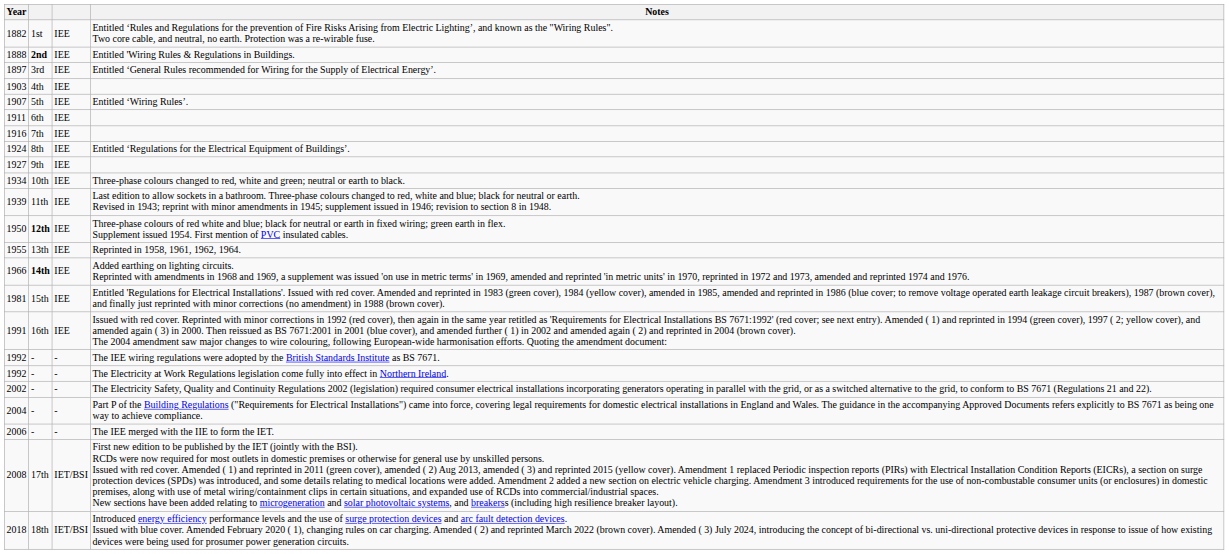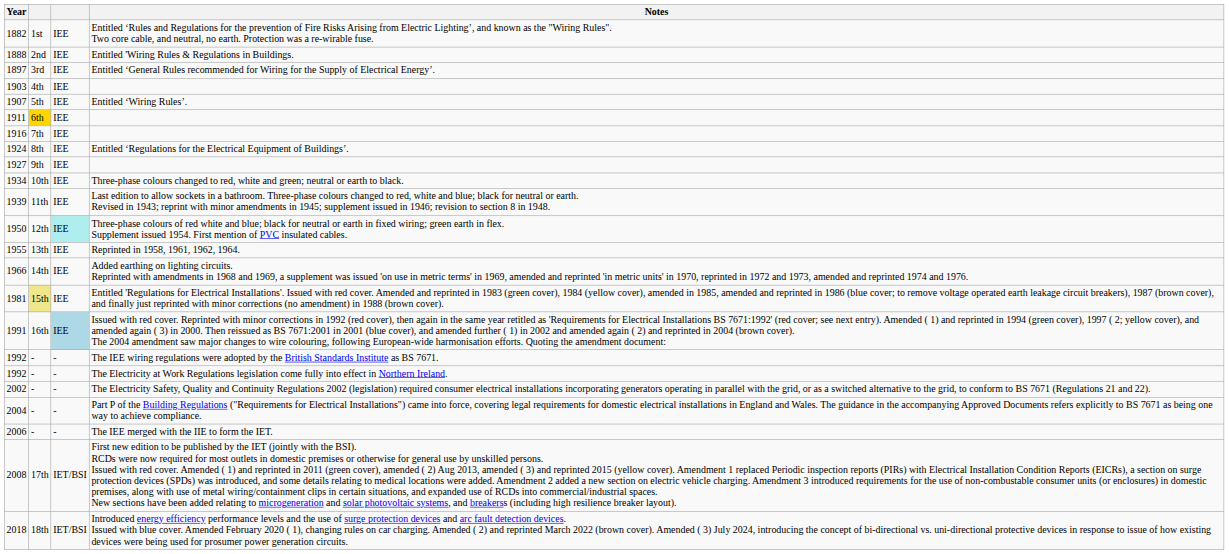 <table class="wikitable">
 <tr>
 <th>Year</th>
 <th></th>
 <th></th>
 <th>Notes</th>
 </tr>
 <tr>
 <td>1882</td>
 <td>1st</td>
 <td>IEE</td>
 <td>Entitled ‘Rules and Regulations for the prevention of Fire Risks Arising from Electric Lighting’, and known as the "Wiring Rules".<br>Two core cable,  and neutral, no earth. Protection was a re-wirable fuse.</td>
 </tr>
 <tr>
 <td>1888</td>
-<td><strong>2nd</strong></td>
+<td>2nd</td>
 <td>IEE</td>
 <td>Entitled 'Wiring Rules & Regulations in Buildings.</td>
 </tr>
 <tr>
 <td>1897</td>
 <td>3rd</td>
 <td>IEE</td>
 <td>Entitled ‘General Rules recommended for Wiring for the Supply of Electrical Energy’.</td>
 </tr>
 <tr>
 <td>1903</td>
 <td>4th</td>
 <td>IEE</td>
 <td></td>
 </tr>
 <tr>
 <td>1907</td>
 <td>5th</td>
 <td>IEE</td>
 <td>Entitled ‘Wiring Rules’.</td>
 </tr>
 <tr>
 <td>1911</td>
-<td>6th</td>
+<td style="background: gold;">6th</td>
 <td>IEE</td>
 <td></td>
 </tr>
 <tr>
 <td>1916</td>
 <td>7th</td>
 <td>IEE</td>
 <td></td>
 </tr>
 <tr>
 <td>1924</td>
 <td>8th</td>
 <td>IEE</td>
 <td>Entitled ‘Regulations for the Electrical Equipment of Buildings’.</td>
 </tr>
 <tr>
 <td>1927</td>
 <td>9th</td>
 <td>IEE</td>
 <td></td>
 </tr>
 <tr>
 <td>1934</td>
 <td>10th</td>
 <td>IEE</td>
 <td>Three-phase colours changed to red, white and green; neutral or earth to black.</td>
 </tr>
 <tr>
 <td>1939</td>
 <td>11th</td>
 <td>IEE</td>
 <td>Last edition to allow sockets in a bathroom. Three-phase colours changed to red, white and blue; black for neutral or earth.<br>Revised in 1943; reprint with minor amendments in 1945; supplement issued in 1946; revision to section 8 in 1948.</td>
 </tr>
 <tr>
 <td>1950</td>
-<td><strong>12th</strong></td>
-<td>IEE</td>
+<td>12th</td>
+<td style="background: paleturquoise;">IEE</td>
 <td>Three-phase colours of red white and blue; black for neutral or earth in fixed wiring; green earth in flex.<br>Supplement issued 1954. First mention of <a href='#'>PVC</a> insulated cables.</td>
 </tr>
 <tr>
 <td>1955</td>
 <td>13th</td>
 <td>IEE</td>
 <td>Reprinted in 1958, 1961, 1962, 1964.</td>
 </tr>
 <tr>
 <td>1966</td>
-<td><strong>14th</strong></td>
+<td>14th</td>
 <td>IEE</td>
 <td>Added earthing on lighting circuits.<br>Reprinted with amendments in 1968 and 1969, a supplement was issued 'on use in metric terms' in 1969, amended and reprinted 'in metric units' in 1970, reprinted in 1972 and 1973, amended and reprinted 1974 and 1976.</td>
 </tr>
 <tr>
 <td>1981</td>
-<td>15th</td>
+<td style="background: khaki;">15th</td>
 <td>IEE</td>
 <td>Entitled 'Regulations for Electrical Installations'. Issued with red cover. Amended and reprinted in 1983 (green cover), 1984 (yellow cover), amended in 1985, amended and reprinted in 1986 (blue cover; to remove voltage operated earth leakage circuit breakers), 1987 (brown cover), and finally just reprinted with minor corrections (no amendment) in 1988 (brown cover).</td>
 </tr>
 <tr>
 <td>1991</td>
 <td>16th</td>
-<td>IEE</td>
+<td style="background: lightblue;">IEE</td>
 <td>Issued with red cover. Reprinted with minor corrections in 1992 (red cover), then again in the same year retitled as 'Requirements for Electrical Installations BS 7671:1992' (red cover; see next entry). Amended ( 1) and reprinted in 1994 (green cover), 1997 ( 2; yellow cover), and amended again ( 3) in 2000. Then reissued as BS 7671:2001 in 2001 (blue cover), and amended further ( 1) in 2002 and amended again ( 2) and reprinted in 2004 (brown cover).<br>The 2004 amendment saw major changes to wire colouring, following European-wide harmonisation efforts. Quoting the amendment document: </td>
 </tr>
 <tr>
 <td>1992</td>
 <td>-</td>
 <td>-</td>
 <td>The IEE wiring regulations were adopted by the <a href='#'>British Standards Institute</a> as BS 7671.</td>
 </tr>
 <tr>
 <td>1992</td>
 <td>-</td>
 <td>-</td>
 <td>The Electricity at Work Regulations legislation come fully into effect in <a href='#'>Northern Ireland</a>.</td>
 </tr>
 <tr>
 <td>2002</td>
 <td>-</td>
 <td>-</td>
 <td>The Electricity Safety, Quality and Continuity Regulations 2002 (legislation) required consumer electrical installations incorporating generators operating in parallel with the grid, or as a switched alternative to the grid, to conform to BS 7671 (Regulations 21 and 22).</td>
 </tr>
 <tr>
 <td>2004</td>
 <td>-</td>
 <td>-</td>
 <td>Part P of the <a href='#'>Building Regulations</a> ("Requirements for Electrical Installations") came into force, covering legal requirements for domestic electrical installations in England and Wales. The guidance in the accompanying Approved Documents refers explicitly to BS 7671 as being one way to achieve compliance.</td>
 </tr>
 <tr>
 <td>2006</td>
 <td>-</td>
 <td>-</td>
 <td>The IEE merged with the IIE to form the IET.</td>
 </tr>
 <tr>
 <td>2008</td>
 <td>17th</td>
 <td>IET/BSI</td>
 <td>First new edition to be published by the IET (jointly with the BSI).<br>RCDs were now required for most outlets in domestic premises or otherwise for general use by unskilled persons.<br>Issued with red cover. Amended ( 1) and reprinted in 2011 (green cover), amended ( 2) Aug 2013, amended ( 3) and reprinted 2015 (yellow cover). Amendment 1 replaced Periodic inspection reports (PIRs) with Electrical Installation Condition Reports (EICRs), a section on surge protection devices (SPDs) was introduced, and some details relating to medical locations were added. Amendment 2 added a new section on electric vehicle charging. Amendment 3 introduced requirements for the use of non-combustable consumer units (or enclosures) in domestic premises, along with use of metal wiring/containment clips in certain situations, and expanded use of RCDs into commercial/industrial spaces.<br>New sections have been added relating to <a href='#'>microgeneration</a> and <a href='#'>solar photovoltaic systems</a>, and <a href='#'>breakers</a>s (including high resilience breaker layout).</td>
 </tr>
 <tr>
 <td>2018</td>
 <td>18th</td>
 <td>IET/BSI</td>
 <td>Introduced <a href='#'>energy efficiency</a> performance levels and the use of <a href='#'>surge protection devices</a> and <a href='#'>arc fault detection devices</a>.<br>Issued with blue cover. Amended February 2020 ( 1), changing rules on car charging. Amended ( 2) and reprinted March 2022 (brown cover). Amended ( 3) July 2024, introducing the concept of bi-directional vs. uni-directional protective devices in response to issue of how existing devices were being used for prosumer power generation circuits.</td>
 </tr>
 </table>
